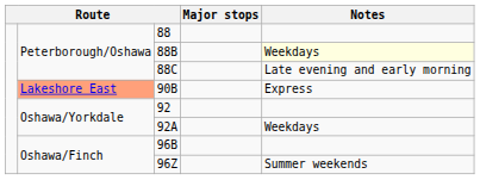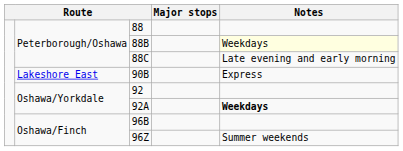 <table class="wikitable">
 <tr>
 <th colspan=3>Route</th>
 <th>Major stops</th>
 <th>Notes</th>
 </tr>
 <tr>
 <td rowspan="13" bgcolor=> </td>
 <td rowspan=3>Peterborough/Oshawa</td>
 <td>88</td>
 <td></td>
 <td></td>
 </tr>
 <tr>
 <td>88B</td>
 <td></td>
 <td style="background: lightyellow;">Weekdays</td>
 </tr>
 <tr>
 <td>88C</td>
 <td></td>
 <td>Late evening and early morning</td>
 </tr>
 <tr>
-<td rowspan=1 style="background: lightsalmon;"><a href='#'>Lakeshore East</a></td>
+<td rowspan=1><a href='#'>Lakeshore East</a></td>
 <td>90B</td>
 <td></td>
 <td>Express</td>
 </tr>
 <tr>
 <td rowspan="2">Oshawa/Yorkdale</td>
 <td>92</td>
 <td></td>
 <td></td>
 </tr>
 <tr>
 <td>92A</td>
 <td></td>
-<td>Weekdays</td>
+<td><strong>Weekdays</strong></td>
 </tr>
 <tr>
 <td rowspan=6>Oshawa/Finch</td>
 <td>96B</td>
 <td></td>
 <td></td>
 </tr>
 <tr>
 <td>96Z</td>
 <td></td>
 <td>Summer weekends</td>
 </tr>
 </table>
